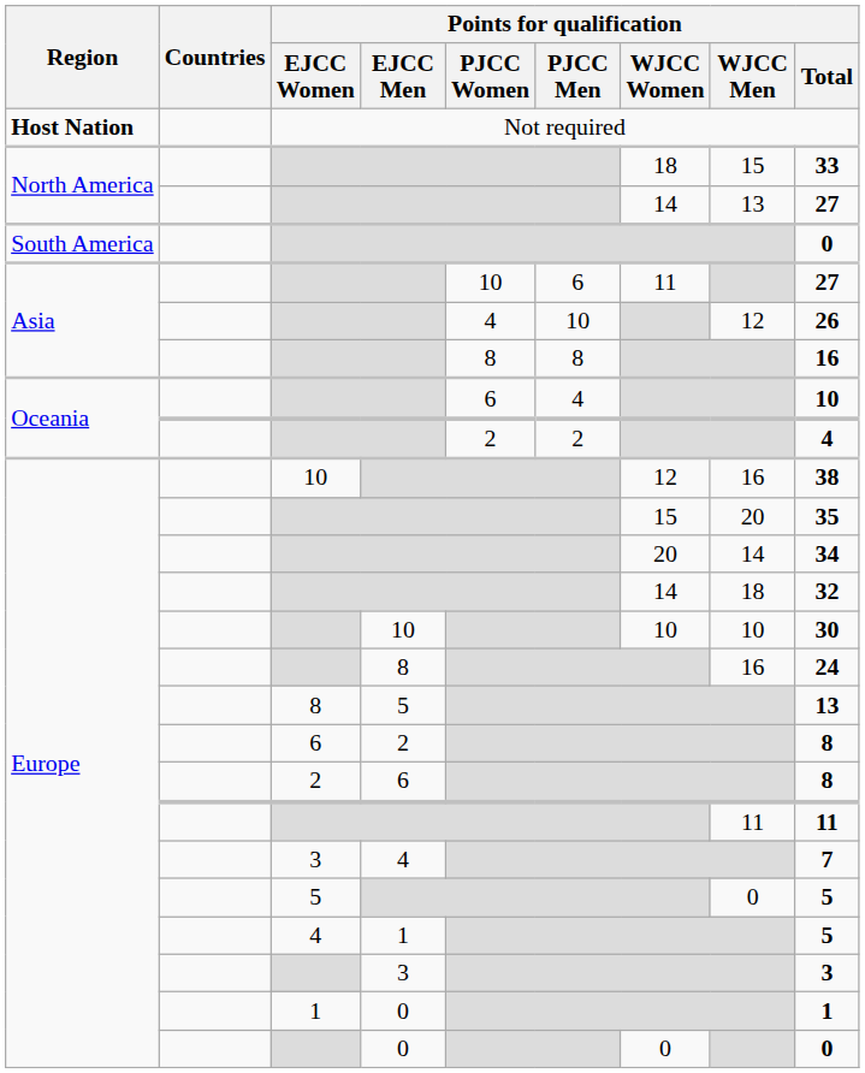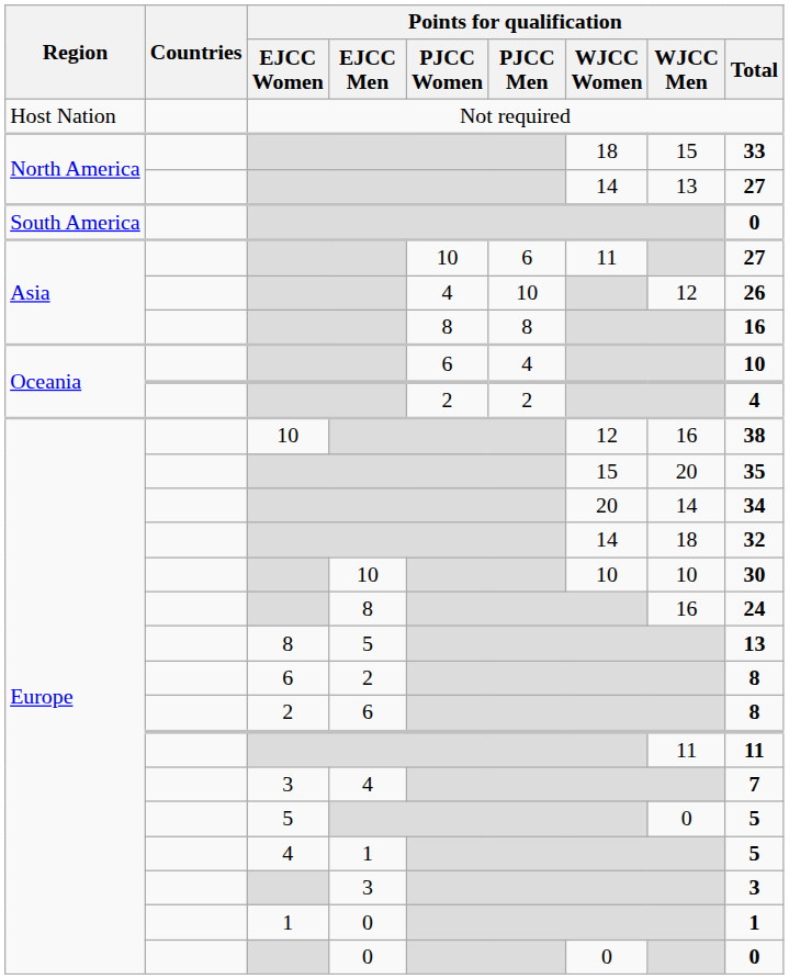 <table class="wikitable" style="text-align:center;">
 <tr>
 <th rowspan=2>Region</th>
 <th rowspan=2>Countries</th>
 <th colspan=7>Points for qualification</th>
 </tr>
 <tr>
 <th width=50>EJCC <br> Women</th>
 <th width=50>EJCC <br> Men</th>
 <th width=50>PJCC <br> Women</th>
 <th width=50>PJCC <br> Men</th>
 <th width=50>WJCC <br> Women</th>
 <th width=50>WJCC <br> Men</th>
 <th>Total</th>
 </tr>
 <tr style="border-bottom:2px solid silver;">
-<td align=left><strong>Host Nation</strong></td>
+<td align=left>Host Nation</td>
 <td align=left><strong></strong></td>
 <td colspan=7>Not required</td>
 </tr>
 <tr>
 <td align=left rowspan=2><a href='#'>North America</a></td>
 <td align=left><strong></strong></td>
 <td bgcolor=#DCDCDC colspan=4></td>
 <td>18</td>
 <td>15</td>
 <td><strong>33</strong></td>
 </tr>
 <tr style="border-bottom:2px solid silver;">
 <td align=left><strong></strong></td>
 <td bgcolor=#DCDCDC colspan=4></td>
 <td>14</td>
 <td>13</td>
 <td><strong>27</strong></td>
 </tr>
 <tr style="border-bottom:2px solid silver;">
 <td align=left><a href='#'>South America</a></td>
 <td align=left><s></s></td>
 <td bgcolor=#DCDCDC colspan=6></td>
 <td><strong>0</strong></td>
 </tr>
 <tr>
 <td align=left rowspan=3><a href='#'>Asia</a></td>
 <td align=left><strong></strong></td>
 <td bgcolor=#DCDCDC colspan=2></td>
 <td>10</td>
 <td>6</td>
 <td>11</td>
 <td bgcolor=#DCDCDC></td>
 <td><strong>27</strong></td>
 </tr>
 <tr>
 <td align=left><strong></strong></td>
 <td bgcolor=#DCDCDC colspan=2></td>
 <td>4</td>
 <td>10</td>
 <td bgcolor=#DCDCDC></td>
 <td>12</td>
 <td><strong>26</strong></td>
 </tr>
 <tr style="border-bottom:2px solid silver;">
 <td align=left><strong></strong></td>
 <td bgcolor=#DCDCDC colspan=2></td>
 <td>8</td>
 <td>8</td>
 <td bgcolor=#DCDCDC colspan=2></td>
 <td><strong>16</strong></td>
 </tr>
 <tr style="border-bottom:2px solid silver;">
 <td align=left rowspan=2><a href='#'>Oceania</a></td>
 <td style="border-bottom:3px solid silver;" align=left><strong></strong></td>
 <td style="border-bottom:3px solid silver;" bgcolor=#DCDCDC colspan=2></td>
 <td style="border-bottom:3px solid silver;">6</td>
 <td style="border-bottom:3px solid silver;">4</td>
 <td style="border-bottom:3px solid silver;" bgcolor=#DCDCDC colspan=2></td>
 <td style="border-bottom:3px solid silver;"><strong>10</strong></td>
 </tr>
 <tr style="border-bottom:2px solid silver;">
 <td align=left></td>
 <td bgcolor=#DCDCDC colspan=2></td>
 <td>2</td>
 <td>2</td>
 <td bgcolor=#DCDCDC colspan=2></td>
 <td><strong>4</strong></td>
 </tr>
 <tr>
 <td align=left rowspan=16><a href='#'>Europe</a></td>
 <td align=left><strong></strong></td>
 <td>10</td>
 <td bgcolor=#DCDCDC colspan=3></td>
 <td>12</td>
 <td>16</td>
 <td><strong>38</strong></td>
 </tr>
 <tr>
 <td align=left><strong></strong></td>
 <td bgcolor=#DCDCDC colspan=4></td>
 <td>15</td>
 <td>20</td>
 <td><strong>35</strong></td>
 </tr>
 <tr>
 <td align=left><strong></strong></td>
 <td bgcolor=#DCDCDC colspan=4></td>
 <td>20</td>
 <td>14</td>
 <td><strong>34</strong></td>
 </tr>
 <tr>
 <td align=left><strong></strong></td>
 <td bgcolor=#DCDCDC colspan=4></td>
 <td>14</td>
 <td>18</td>
 <td><strong>32</strong></td>
 </tr>
 <tr>
 <td align=left><strong></strong></td>
 <td bgcolor=#DCDCDC></td>
 <td>10</td>
 <td bgcolor=#DCDCDC colspan=2></td>
 <td>10</td>
 <td>10</td>
 <td><strong>30</strong></td>
 </tr>
 <tr>
 <td align=left><strong></strong></td>
 <td bgcolor=#DCDCDC></td>
 <td>8</td>
 <td bgcolor=#DCDCDC colspan=3></td>
 <td>16</td>
 <td><strong>24</strong></td>
 </tr>
 <tr>
 <td align=left><strong></strong></td>
 <td>8</td>
 <td>5</td>
 <td bgcolor=#DCDCDC colspan=4></td>
 <td><strong>13</strong></td>
 </tr>
 <tr>
 <td align=left><strong></strong></td>
 <td>6</td>
 <td>2</td>
 <td bgcolor=#DCDCDC colspan=4></td>
 <td><strong>8</strong></td>
 </tr>
 <tr style="border-bottom:3px solid silver;">
 <td align=left><strong></strong></td>
 <td>2</td>
 <td>6</td>
 <td bgcolor=#DCDCDC colspan=4></td>
 <td><strong>8</strong></td>
 </tr>
 <tr>
 <td align=left><s></s></td>
 <td bgcolor=#DCDCDC colspan=5></td>
 <td>11</td>
 <td><strong>11</strong></td>
 </tr>
 <tr>
 <td align=left></td>
 <td>3</td>
 <td>4</td>
 <td bgcolor=#DCDCDC colspan=4></td>
 <td><strong>7</strong></td>
 </tr>
 <tr>
 <td align=left></td>
 <td>5</td>
 <td bgcolor=#DCDCDC colspan=4></td>
 <td>0</td>
 <td><strong>5</strong></td>
 </tr>
 <tr>
 <td align=left></td>
 <td>4</td>
 <td>1</td>
 <td bgcolor=#DCDCDC colspan=4></td>
 <td><strong>5</strong></td>
 </tr>
 <tr>
 <td align=left></td>
 <td bgcolor=#DCDCDC></td>
 <td>3</td>
 <td bgcolor=#DCDCDC colspan=4></td>
 <td><strong>3</strong></td>
 </tr>
 <tr>
 <td align=left></td>
 <td>1</td>
 <td>0</td>
 <td bgcolor=#DCDCDC colspan=4></td>
 <td><strong>1</strong></td>
 </tr>
 <tr>
 <td align=left></td>
 <td bgcolor=#DCDCDC></td>
 <td>0</td>
 <td bgcolor=#DCDCDC colspan=2></td>
 <td>0</td>
 <td bgcolor=#DCDCDC></td>
 <td><strong>0</strong></td>
 </tr>
 </table>
